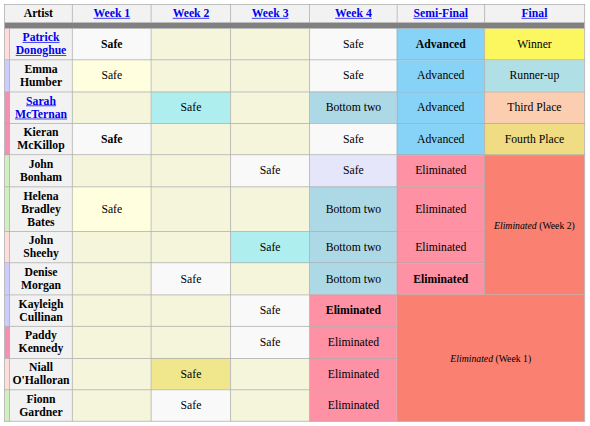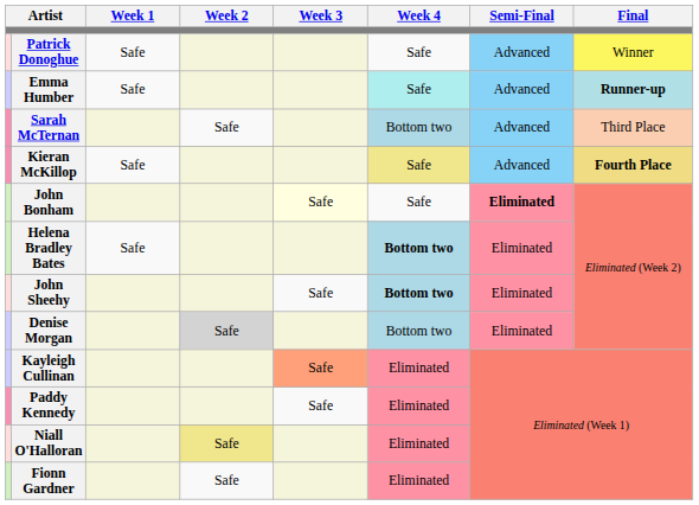 <table class="wikitable plainrowheaders" style="text-align:center; width:90%;" font-size:100%;">
 <tr>
 <th colspan="2">Artist</th>
 <th style="width:8em;"><a href='#'>Week 1</a></th>
 <th style="width:8em;"><a href='#'>Week 2</a></th>
 <th style="width:8em;"><a href='#'>Week 3</a></th>
 <th style="width:8em;"><a href='#'>Week 4</a></th>
 <th style="width:8em;"><a href='#'>Semi-Final</a></th>
 <th style="width:10em;"><a href='#'>Final</a></th>
 </tr>
 <tr>
 <th colspan="12" style="background:grey;"></th>
 </tr>
 <tr>
 <td style="background-color:#ffdddd"></td>
 <th><a href='#'>Patrick Donoghue</a></th>
-<td><strong>Safe</strong></td>
+<td>Safe</td>
 <td style="background:#F5F5DC"></td>
 <td style="background:#F5F5DC"></td>
 <td>Safe</td>
-<td style="background:#87D3F8"><strong>Advanced</strong></td>
+<td style="background:#87D3F8">Advanced</td>
 <td style="background:#FCF75E">Winner</td>
 </tr>
 <tr>
 <td style="background:#ccf;"></td>
 <th>Emma Humber</th>
-<td style="background: lightyellow;">Safe</td>
+<td>Safe</td>
 <td style="background:#F5F5DC"></td>
 <td style="background:#F5F5DC"></td>
-<td>Safe</td>
+<td style="background: paleturquoise;">Safe</td>
 <td style="background:#87D3F8">Advanced</td>
-<td style="background:#B0E0E6">Runner-up</td>
+<td style="background:#B0E0E6"><strong>Runner-up</strong></td>
 </tr>
 <tr>
 <td style="background-color:#f78fb2;"></td>
 <th><a href='#'>Sarah McTernan</a></th>
 <td style="background:#F5F5DC"></td>
-<td style="background: paleturquoise;">Safe</td>
+<td>Safe</td>
 <td style="background:#F5F5DC"></td>
 <td style="background-color:lightblue; border:">Bottom two</td>
 <td style="background:#87D3F8">Advanced</td>
 <td style="background:#FBCEB1">Third Place</td>
 </tr>
 <tr>
 <td style="background-color:#f78fb2;"></td>
 <th>Kieran McKillop</th>
-<td><strong>Safe</strong></td>
+<td>Safe</td>
 <td style="background:#F5F5DC"></td>
 <td style="background:#F5F5DC"></td>
-<td>Safe</td>
+<td style="background: khaki;">Safe</td>
 <td style="background:#87D3F8">Advanced</td>
-<td style="background:#F0DC82">Fourth Place</td>
+<td style="background:#F0DC82"><strong>Fourth Place</strong></td>
 </tr>
 <tr>
 <td style="background-color:#d0f0c0;"></td>
 <th>John Bonham</th>
 <td style="background:#F5F5DC"></td>
 <td style="background:#F5F5DC"></td>
+<td style="background: lightyellow;">Safe</td>
 <td>Safe</td>
-<td style="background: lavender;">Safe</td>
-<td style="background:#FF91A4">Eliminated</td>
+<td style="background:#FF91A4"><strong>Eliminated</strong></td>
 <td colspan="4" rowspan="4" style="background:salmon"><small><em>Eliminated</em> (Week 2)</small></td>
 </tr>
 <tr>
 <td style="background-color:#d0f0c0;"></td>
 <th>Helena Bradley Bates</th>
-<td style="background: lightyellow;">Safe</td>
+<td>Safe</td>
 <td style="background:#F5F5DC"></td>
 <td style="background:#F5F5DC"></td>
-<td style="background-color:lightblue; border:">Bottom two</td>
+<td style="background-color:lightblue; border:"><strong>Bottom two</strong></td>
 <td style="background:#FF91A4">Eliminated</td>
 </tr>
 <tr>
 <td style="background-color:#ffdddd"></td>
 <th>John Sheehy</th>
 <td style="background:#F5F5DC"></td>
 <td style="background:#F5F5DC"></td>
-<td style="background: paleturquoise;">Safe</td>
-<td style="background-color:lightblue; border:">Bottom two</td>
+<td>Safe</td>
+<td style="background-color:lightblue; border:"><strong>Bottom two</strong></td>
 <td style="background:#FF91A4">Eliminated</td>
 </tr>
 <tr>
 <td style="background:#ccf;"></td>
 <th>Denise Morgan</th>
 <td style="background:#F5F5DC"></td>
-<td>Safe</td>
+<td style="background: lightgrey;">Safe</td>
 <td style="background:#F5F5DC"></td>
 <td style="background-color:lightblue; border:">Bottom two</td>
-<td style="background:#FF91A4"><strong>Eliminated</strong></td>
+<td style="background:#FF91A4">Eliminated</td>
 </tr>
 <tr>
 <td style="background:#ccf;"></td>
 <th>Kayleigh Cullinan</th>
 <td style="background:#F5F5DC"></td>
 <td style="background:#F5F5DC"></td>
-<td>Safe</td>
-<td style="background:#FF91A4"><strong>Eliminated</strong></td>
+<td style="background: lightsalmon;">Safe</td>
+<td style="background:#FF91A4">Eliminated</td>
 <td colspan="3" rowspan="4" style="background:salmon"><small><em>Eliminated</em> (Week 1)</small></td>
 </tr>
 <tr>
 <td style="background-color:#f78fb2;"></td>
 <th>Paddy Kennedy</th>
 <td style="background:#F5F5DC"></td>
 <td style="background:#F5F5DC"></td>
 <td>Safe</td>
 <td style="background:#FF91A4">Eliminated</td>
 </tr>
 <tr>
 <td style="background-color:#ffdddd"></td>
 <th>Niall O'Halloran</th>
 <td style="background:#F5F5DC"></td>
 <td style="background: khaki;">Safe</td>
 <td style="background:#F5F5DC"></td>
 <td style="background:#FF91A4">Eliminated</td>
 </tr>
 <tr>
 <td style="background-color:#d0f0c0;"></td>
 <th>Fionn Gardner</th>
 <td style="background:#F5F5DC"></td>
 <td>Safe</td>
 <td style="background:#F5F5DC"></td>
 <td style="background:#FF91A4">Eliminated</td>
 </tr>
 </table>
